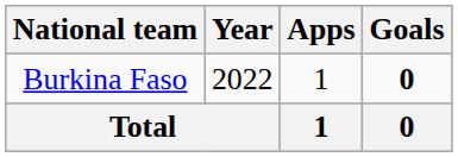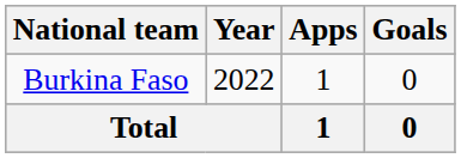 <table class="wikitable" style="text-align:center">
 <tr>
 <th>National team</th>
 <th>Year</th>
 <th>Apps</th>
 <th>Goals</th>
 </tr>
 <tr>
 <td rowspan="1"><a href='#'>Burkina Faso</a></td>
 <td>2022</td>
 <td>1</td>
-<td><strong>0</strong></td>
+<td>0</td>
 </tr>
 <tr>
 <th colspan="2">Total</th>
 <th>1</th>
 <th>0</th>
 </tr>
 </table>
